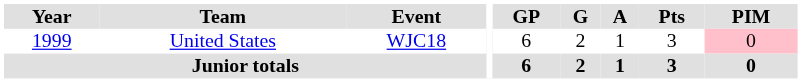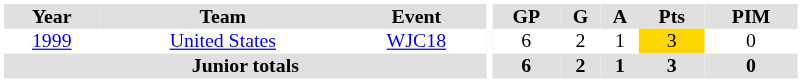 <table border="0" cellpadding="1" cellspacing="0" ID="Table3" style="text-align:center; width:40em">
 <tr ALIGN="center" bgcolor="#e0e0e0">
 <th>Year</th>
 <th>Team</th>
 <th>Event</th>
 <th rowspan="99" bgcolor="#ffffff"></th>
 <th>GP</th>
 <th>G</th>
 <th>A</th>
 <th>Pts</th>
 <th>PIM</th>
 </tr>
 <tr>
 <td><a href='#'>1999</a></td>
 <td><a href='#'>United States</a></td>
 <td><a href='#'>WJC18</a></td>
 <td>6</td>
 <td>2</td>
 <td>1</td>
-<td>3</td>
-<td style="background: pink;">0</td>
+<td style="background: gold;">3</td>
+<td>0</td>
 </tr>
 <tr bgcolor="#e0e0e0">
 <th colspan="3">Junior totals</th>
 <th>6</th>
 <th>2</th>
 <th>1</th>
 <th>3</th>
 <th>0</th>
 </tr>
 </table>
